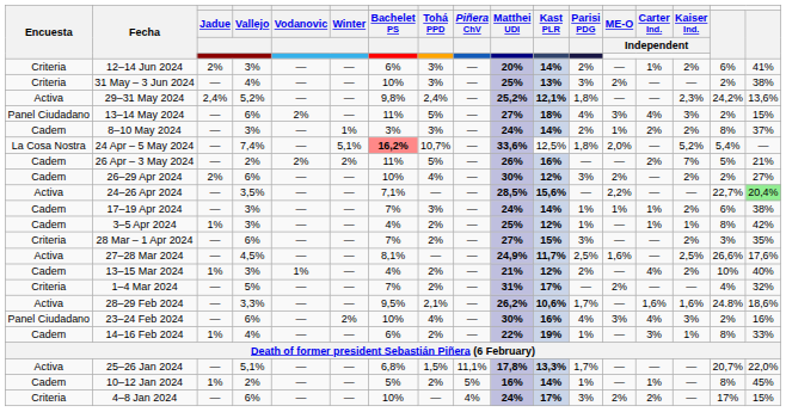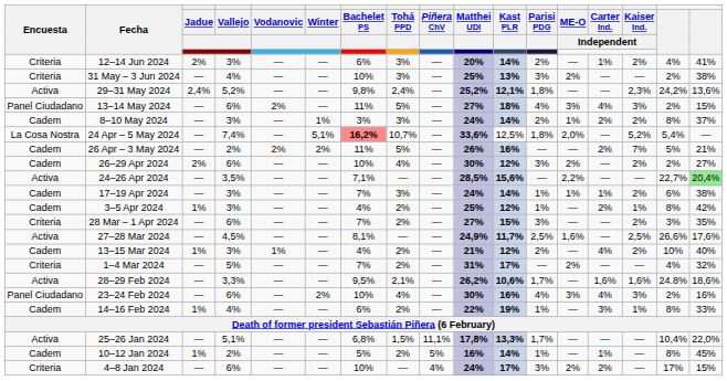 <table class="wikitable" style="text-align:center; font-size:81%; line-height:13px;">
 <tr>
 <th rowspan="4">Encuesta</th>
 <th rowspan="4">Fecha</th>
 <th></th>
 <th></th>
 <th></th>
 <th></th>
 <th></th>
 <th></th>
 <th></th>
 <th></th>
 <th></th>
 <th></th>
 <th></th>
 <th></th>
 <th></th>
 </tr>
 <tr>
 <th><a href='#'>Jadue</a><br></th>
 <th><a href='#'>Vallejo</a></th>
 <th><a href='#'>Vodanovic</a></th>
 <th><a href='#'>Winter</a><br></th>
 <th><a href='#'>Bachelet</a><br><small><a href='#'>PS</a></small></th>
 <th><a href='#'>Tohá</a><br><small><a href='#'>PPD</a></small></th>
 <th><em><a href='#'>Piñera</a></em><br><small><a href='#'>ChV</a></small></th>
 <th><a href='#'>Matthei</a><br><small><a href='#'>UDI</a></small></th>
 <th><a href='#'>Kast</a><br><small><a href='#'>PLR</a></small></th>
 <th><a href='#'>Parisi</a><br><small><a href='#'>PDG</a></small></th>
 <th><a href='#'>ME-O</a></th>
 <th><a href='#'>Carter</a><br><small><a href='#'>Ind.</a></small></th>
 <th><a href='#'>Kaiser</a><br><small><a href='#'>Ind.</a></small></th>
 <th rowspan="3"></th>
 <th rowspan="3"></th>
 </tr>
 <tr>
 <th colspan="2"></th>
 <th colspan="2"></th>
 <th></th>
 <th></th>
 <th></th>
 <th></th>
 <th></th>
 <th></th>
 <th colspan="3">Independent</th>
 </tr>
 <tr>
 <td colspan="2" bgcolor="#8B0000"></td>
 <td colspan="2" bgcolor="#36B1EA"></td>
 <td bgcolor="#FF0000"></td>
 <td bgcolor="#FFA500"></td>
 <td bgcolor="#135BB8"></td>
 <td bgcolor="#000080"></td>
 <td bgcolor="#31446C"></td>
 <td bgcolor="#181644"></td>
 <td colspan="3"></td>
 </tr>
 <tr>
 <td>Criteria</td>
 <td>12–14 Jun 2024</td>
 <td>2%</td>
 <td>3%</td>
 <td>—</td>
 <td>—</td>
 <td>6%</td>
 <td>3%</td>
 <td>—</td>
 <td bgcolor="#BFBFDF"><strong>20%</strong></td>
 <td bgcolor="#CAD5E9"><strong>14%</strong></td>
 <td>2%</td>
 <td>—</td>
 <td>1%</td>
 <td>2%</td>
-<td>6%</td>
+<td>4%</td>
 <td>41%</td>
 </tr>
 <tr>
 <td>Criteria</td>
 <td>31 May – 3 Jun 2024</td>
 <td>—</td>
 <td>4%</td>
 <td>—</td>
 <td>—</td>
 <td>10%</td>
 <td>3%</td>
 <td>—</td>
 <td bgcolor="#BFBFDF"><strong>25%</strong></td>
 <td bgcolor="#CAD5E9"><strong>13%</strong></td>
 <td>3%</td>
 <td>2%</td>
 <td>—</td>
 <td>—</td>
 <td>2%</td>
 <td>38%</td>
 </tr>
 <tr>
 <td>Activa</td>
 <td>29–31 May 2024</td>
 <td>2,4%</td>
 <td>5,2%</td>
 <td>—</td>
 <td>—</td>
 <td>9,8%</td>
 <td>2,4%</td>
 <td>—</td>
 <td bgcolor="#BFBFDF"><strong>25,2%</strong></td>
 <td bgcolor="#CAD5E9"><strong>12,1%</strong></td>
 <td>1,8%</td>
 <td>—</td>
 <td>—</td>
 <td>2,3%</td>
 <td>24,2%</td>
 <td>13,6%</td>
 </tr>
 <tr>
 <td>Panel Ciudadano</td>
 <td>13–14 May 2024</td>
 <td>—</td>
 <td>6%</td>
 <td>2%</td>
 <td>—</td>
 <td>11%</td>
 <td>5%</td>
 <td>—</td>
 <td bgcolor="#BFBFDF"><strong>27%</strong></td>
 <td bgcolor="#CAD5E9"><strong>18%</strong></td>
 <td>4%</td>
 <td>3%</td>
 <td>4%</td>
 <td>3%</td>
 <td>2%</td>
 <td>15%</td>
 </tr>
 <tr>
 <td>Cadem</td>
 <td>8–10 May 2024</td>
 <td>—</td>
 <td>3%</td>
 <td>—</td>
 <td>1%</td>
 <td>3%</td>
 <td>3%</td>
 <td>—</td>
 <td bgcolor="#BFBFDF"><strong>24%</strong></td>
 <td bgcolor="#CAD5E9"><strong>14%</strong></td>
 <td>2%</td>
 <td>1%</td>
 <td>2%</td>
 <td>2%</td>
 <td>8%</td>
 <td>37%</td>
 </tr>
 <tr>
 <td>La Cosa Nostra</td>
 <td>24 Apr – 5 May 2024</td>
 <td>—</td>
 <td>7,4%</td>
 <td>—</td>
 <td>5,1%</td>
 <td bgcolor="#FF8888"><strong>16,2%</strong></td>
 <td>10,7%</td>
 <td>—</td>
 <td bgcolor="#BFBFDF"><strong>33,6%</strong></td>
 <td>12,5%</td>
 <td>1,8%</td>
 <td>2,0%</td>
 <td>—</td>
 <td>5,2%</td>
 <td>5,4%</td>
 <td>—</td>
 </tr>
 <tr>
 <td>Cadem</td>
 <td>26 Apr – 3 May 2024</td>
 <td>—</td>
 <td>2%</td>
 <td>2%</td>
 <td>2%</td>
 <td>11%</td>
 <td>5%</td>
 <td>—</td>
 <td bgcolor="#BFBFDF"><strong>26%</strong></td>
 <td bgcolor="#CAD5E9"><strong>16%</strong></td>
 <td>—</td>
 <td>—</td>
 <td>2%</td>
 <td>7%</td>
 <td>5%</td>
 <td>21%</td>
 </tr>
 <tr>
 <td>Cadem</td>
 <td>26–29 Apr 2024</td>
 <td>2%</td>
 <td>6%</td>
 <td>—</td>
 <td>—</td>
 <td>10%</td>
 <td>4%</td>
 <td>—</td>
 <td bgcolor="#BFBFDF"><strong>30%</strong></td>
 <td bgcolor="#CAD5E9"><strong>12%</strong></td>
 <td>3%</td>
 <td>2%</td>
 <td>—</td>
 <td>2%</td>
 <td>2%</td>
 <td>27%</td>
 </tr>
 <tr>
 <td>Activa</td>
 <td>24–26 Apr 2024</td>
 <td>—</td>
 <td>3,5%</td>
 <td>—</td>
 <td>—</td>
 <td>7,1%</td>
 <td>—</td>
 <td>—</td>
 <td bgcolor="#BFBFDF"><strong>28,5%</strong></td>
 <td bgcolor="#CAD5E9"><strong>15,6%</strong></td>
 <td>—</td>
 <td>2,2%</td>
 <td>—</td>
 <td>—</td>
 <td>22,7%</td>
 <td style="background: lightgreen;">20,4%</td>
 </tr>
 <tr>
 <td>Cadem</td>
 <td>17–19 Apr 2024</td>
 <td>—</td>
 <td>3%</td>
 <td>—</td>
 <td>—</td>
 <td>7%</td>
 <td>3%</td>
 <td>—</td>
 <td bgcolor="#BFBFDF"><strong>24%</strong></td>
 <td bgcolor="#CAD5E9"><strong>14%</strong></td>
 <td>1%</td>
 <td>1%</td>
 <td>1%</td>
 <td>2%</td>
 <td>6%</td>
 <td>38%</td>
 </tr>
 <tr>
 <td>Cadem</td>
 <td>3–5 Apr 2024</td>
 <td>1%</td>
 <td>3%</td>
 <td>—</td>
 <td>—</td>
 <td>4%</td>
 <td>2%</td>
 <td>—</td>
 <td bgcolor="#BFBFDF"><strong>25%</strong></td>
 <td bgcolor="#CAD5E9"><strong>12%</strong></td>
 <td>1%</td>
 <td>—</td>
-<td>1%</td>
+<td>2%</td>
 <td>1%</td>
 <td>8%</td>
 <td>42%</td>
 </tr>
 <tr>
 <td>Criteria</td>
 <td>28 Mar – 1 Apr 2024</td>
 <td>—</td>
 <td>6%</td>
 <td>—</td>
 <td>—</td>
 <td>7%</td>
 <td>2%</td>
 <td>—</td>
 <td bgcolor="#BFBFDF"><strong>27%</strong></td>
 <td bgcolor="#CAD5E9"><strong>15%</strong></td>
 <td>3%</td>
 <td>—</td>
 <td>—</td>
 <td>2%</td>
 <td>3%</td>
 <td>35%</td>
 </tr>
 <tr>
 <td>Activa</td>
 <td>27–28 Mar 2024</td>
 <td>—</td>
 <td>4,5%</td>
 <td>—</td>
 <td>—</td>
 <td>8,1%</td>
 <td>—</td>
 <td>—</td>
 <td bgcolor="#BFBFDF"><strong>24,9%</strong></td>
 <td bgcolor="#CAD5E9"><strong>11,7%</strong></td>
 <td>2,5%</td>
 <td>1,6%</td>
 <td>—</td>
 <td>2,5%</td>
 <td>26,6%</td>
 <td>17,6%</td>
 </tr>
 <tr>
 <td>Cadem</td>
 <td>13–15 Mar 2024</td>
 <td>1%</td>
 <td>3%</td>
 <td>1%</td>
 <td>—</td>
 <td>4%</td>
 <td>2%</td>
 <td>—</td>
 <td bgcolor="#BFBFDF"><strong>21%</strong></td>
 <td bgcolor="#CAD5E9"><strong>12%</strong></td>
 <td>2%</td>
 <td>—</td>
 <td>4%</td>
 <td>2%</td>
 <td>10%</td>
 <td>40%</td>
 </tr>
 <tr>
 <td>Criteria</td>
 <td>1–4 Mar 2024</td>
 <td>—</td>
 <td>5%</td>
 <td>—</td>
 <td>—</td>
 <td>7%</td>
 <td>2%</td>
 <td>—</td>
 <td bgcolor="#BFBFDF"><strong>31%</strong></td>
 <td bgcolor="#CAD5E9"><strong>17%</strong></td>
 <td>—</td>
 <td>2%</td>
 <td>—</td>
 <td>—</td>
 <td>4%</td>
 <td>32%</td>
 </tr>
 <tr>
 <td>Activa</td>
 <td>28–29 Feb 2024</td>
 <td>—</td>
 <td>3,3%</td>
 <td>—</td>
 <td>—</td>
 <td>9,5%</td>
 <td>2,1%</td>
 <td>—</td>
 <td bgcolor="#BFBFDF"><strong>26,2%</strong></td>
 <td bgcolor="#CAD5E9"><strong>10,6%</strong></td>
 <td>1,7%</td>
 <td>—</td>
 <td>1,6%</td>
 <td>1,6%</td>
 <td>24.8%</td>
 <td>18,6%</td>
 </tr>
 <tr>
 <td>Panel Ciudadano</td>
 <td>23–24 Feb 2024</td>
 <td>—</td>
 <td>6%</td>
 <td>—</td>
 <td>2%</td>
 <td>10%</td>
 <td>4%</td>
 <td>—</td>
 <td bgcolor="#BFBFDF"><strong>30%</strong></td>
 <td bgcolor="#CAD5E9"><strong>16%</strong></td>
 <td>4%</td>
 <td>3%</td>
 <td>4%</td>
 <td>3%</td>
 <td>2%</td>
 <td>16%</td>
 </tr>
 <tr>
 <td>Cadem</td>
 <td>14–16 Feb 2024</td>
 <td>1%</td>
 <td>4%</td>
 <td>—</td>
 <td>—</td>
 <td>6%</td>
 <td>2%</td>
 <td>—</td>
 <td bgcolor="#BFBFDF"><strong>22%</strong></td>
 <td bgcolor="#CAD5E9"><strong>19%</strong></td>
 <td>1%</td>
 <td>—</td>
 <td>3%</td>
 <td>1%</td>
 <td>8%</td>
 <td>33%</td>
 </tr>
 <tr>
 <th colspan="17"><a href='#'>Death of former president Sebastián Piñera</a> (6 February)</th>
 </tr>
 <tr>
 <td>Activa</td>
 <td>25–26 Jan 2024</td>
 <td>—</td>
 <td>5,1%</td>
 <td>—</td>
 <td>—</td>
 <td>6,8%</td>
 <td>1,5%</td>
 <td>11,1%</td>
 <td bgcolor="#BFBFDF"><strong>17,8%</strong></td>
 <td bgcolor="#CAD5E9"><strong>13,3%</strong></td>
 <td>1,7%</td>
 <td>—</td>
 <td>—</td>
 <td>—</td>
-<td>20,7%</td>
+<td>10,4%</td>
 <td>22,0%</td>
 </tr>
 <tr>
 <td>Cadem</td>
 <td>10–12 Jan 2024</td>
 <td>1%</td>
 <td>2%</td>
 <td>—</td>
 <td>—</td>
 <td>5%</td>
 <td>2%</td>
 <td>5%</td>
 <td bgcolor="#BFBFDF"><strong>16%</strong></td>
 <td bgcolor="#CAD5E9"><strong>14%</strong></td>
 <td>1%</td>
 <td>—</td>
 <td>1%</td>
 <td>—</td>
 <td>8%</td>
 <td>45%</td>
 </tr>
 <tr>
 <td>Criteria</td>
 <td>4–8 Jan 2024</td>
 <td>—</td>
 <td>6%</td>
 <td>—</td>
 <td>—</td>
 <td>10%</td>
 <td>—</td>
 <td>4%</td>
 <td bgcolor="#BFBFDF"><strong>24%</strong></td>
 <td bgcolor="#CAD5E9"><strong>17%</strong></td>
 <td>3%</td>
 <td>2%</td>
 <td>2%</td>
 <td>—</td>
 <td>17%</td>
 <td>15%</td>
 </tr>
 </table>
